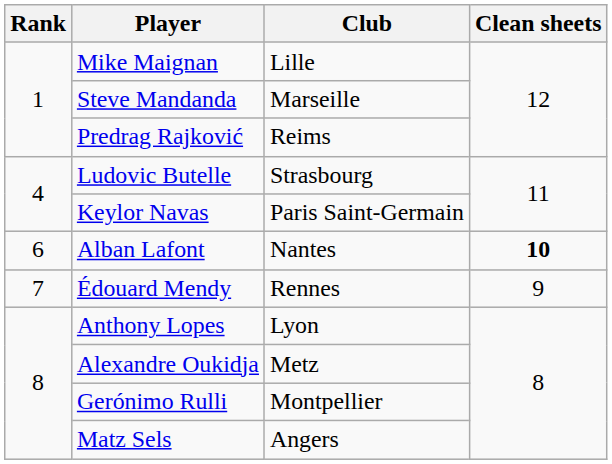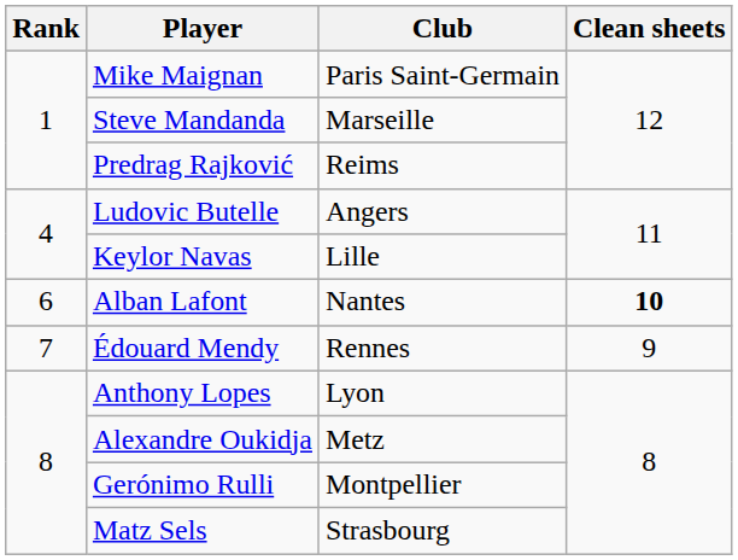 <table class="wikitable" style="text-align:center">
 <tr>
 <th>Rank</th>
 <th>Player</th>
 <th>Club</th>
 <th>Clean sheets</th>
 </tr>
 <tr>
 <td rowspan=3>1</td>
 <td align="left"> <a href='#'>Mike Maignan</a></td>
-<td align="left">Lille</td>
+<td align="left">Paris Saint-Germain</td>
 <td rowspan=3>12</td>
 </tr>
 <tr>
 <td align="left"> <a href='#'>Steve Mandanda</a></td>
 <td align="left">Marseille</td>
 </tr>
 <tr>
 <td align="left"> <a href='#'>Predrag Rajković</a></td>
 <td align="left">Reims</td>
 </tr>
 <tr>
 <td rowspan=2>4</td>
 <td align="left"> <a href='#'>Ludovic Butelle</a></td>
-<td align="left">Strasbourg</td>
+<td align="left">Angers</td>
 <td rowspan=2>11</td>
 </tr>
 <tr>
 <td align="left"> <a href='#'>Keylor Navas</a></td>
-<td align="left">Paris Saint-Germain</td>
+<td align="left">Lille</td>
 </tr>
 <tr>
 <td>6</td>
 <td align="left"> <a href='#'>Alban Lafont</a></td>
 <td align="left">Nantes</td>
 <td><strong>10</strong></td>
 </tr>
 <tr>
 <td>7</td>
 <td align="left"> <a href='#'>Édouard Mendy</a></td>
 <td align="left">Rennes</td>
 <td>9</td>
 </tr>
 <tr>
 <td rowspan=4>8</td>
 <td align="left"> <a href='#'>Anthony Lopes</a></td>
 <td align="left">Lyon</td>
 <td rowspan=4>8</td>
 </tr>
 <tr>
 <td align="left"> <a href='#'>Alexandre Oukidja</a></td>
 <td align="left">Metz</td>
 </tr>
 <tr>
 <td align="left"> <a href='#'>Gerónimo Rulli</a></td>
 <td align="left">Montpellier</td>
 </tr>
 <tr>
 <td align="left"> <a href='#'>Matz Sels</a></td>
-<td align="left">Angers</td>
+<td align="left">Strasbourg</td>
 </tr>
 </table>
